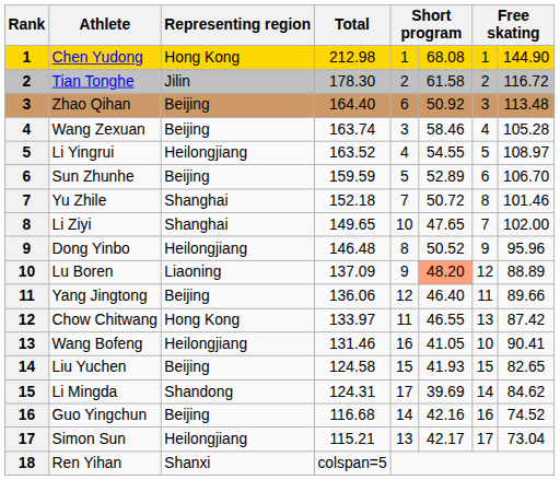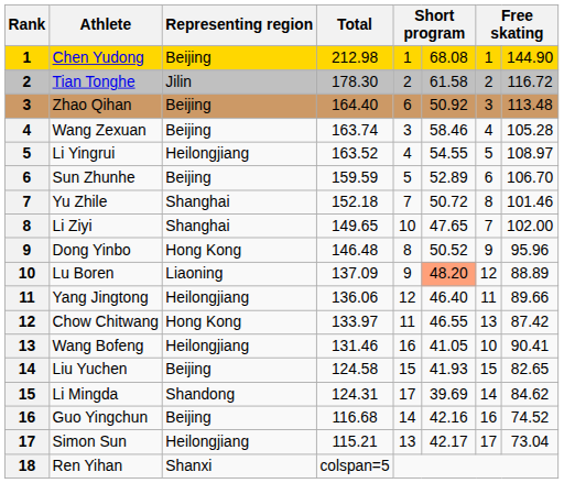 <table class="wikitable sortable">
 <tr>
 <th>Rank</th>
 <th>Athlete</th>
 <th>Representing region</th>
 <th>Total</th>
 <th colspan="2" width="80px">Short program</th>
 <th colspan="2" width="80px">Free skating</th>
 </tr>
 <tr bgcolor="gold">
 <td align="center"><strong>1</strong></td>
 <td><a href='#'>Chen Yudong</a></td>
-<td>Hong Kong</td>
+<td>Beijing</td>
 <td align="center">212.98</td>
 <td align="center">1</td>
 <td align="center">68.08</td>
 <td align="center">1</td>
 <td align="center">144.90</td>
 </tr>
 <tr bgcolor="silver">
 <td align="center"><strong>2</strong></td>
 <td><a href='#'>Tian Tonghe</a></td>
 <td>Jilin</td>
 <td align="center">178.30</td>
 <td align="center">2</td>
 <td align="center">61.58</td>
 <td align="center">2</td>
 <td align="center">116.72</td>
 </tr>
 <tr bgcolor="cc9966">
 <td align="center"><strong>3</strong></td>
 <td>Zhao Qihan</td>
 <td>Beijing</td>
 <td align="center">164.40</td>
 <td align="center">6</td>
 <td align="center">50.92</td>
 <td align="center">3</td>
 <td align="center">113.48</td>
 </tr>
 <tr>
 <th>4</th>
 <td>Wang Zexuan</td>
 <td>Beijing</td>
 <td align="center">163.74</td>
 <td align="center">3</td>
 <td align="center">58.46</td>
 <td align="center">4</td>
 <td align="center">105.28</td>
 </tr>
 <tr>
 <th>5</th>
 <td>Li Yingrui</td>
 <td>Heilongjiang</td>
 <td align="center">163.52</td>
 <td align="center">4</td>
 <td align="center">54.55</td>
 <td align="center">5</td>
 <td align="center">108.97</td>
 </tr>
 <tr>
 <th>6</th>
 <td>Sun Zhunhe</td>
 <td>Beijing</td>
 <td align="center">159.59</td>
 <td align="center">5</td>
 <td align="center">52.89</td>
 <td align="center">6</td>
 <td align="center">106.70</td>
 </tr>
 <tr>
 <th>7</th>
 <td>Yu Zhile</td>
 <td>Shanghai</td>
 <td align="center">152.18</td>
 <td align="center">7</td>
 <td align="center">50.72</td>
 <td align="center">8</td>
 <td align="center">101.46</td>
 </tr>
 <tr>
 <th>8</th>
 <td>Li Ziyi</td>
 <td>Shanghai</td>
 <td align="center">149.65</td>
 <td align="center">10</td>
 <td align="center">47.65</td>
 <td align="center">7</td>
 <td align="center">102.00</td>
 </tr>
 <tr>
 <th>9</th>
 <td>Dong Yinbo</td>
-<td>Heilongjiang</td>
+<td>Hong Kong</td>
 <td align="center">146.48</td>
 <td align="center">8</td>
 <td align="center">50.52</td>
 <td align="center">9</td>
 <td align="center">95.96</td>
 </tr>
 <tr>
 <th>10</th>
 <td>Lu Boren</td>
 <td>Liaoning</td>
 <td align="center">137.09</td>
 <td align="center">9</td>
 <td align="center" style="background: lightsalmon;">48.20</td>
 <td align="center">12</td>
 <td align="center">88.89</td>
 </tr>
 <tr>
 <th>11</th>
 <td>Yang Jingtong</td>
-<td>Beijing</td>
+<td>Heilongjiang</td>
 <td align="center">136.06</td>
 <td align="center">12</td>
 <td align="center">46.40</td>
 <td align="center">11</td>
 <td align="center">89.66</td>
 </tr>
 <tr>
 <th>12</th>
 <td>Chow Chitwang</td>
 <td>Hong Kong</td>
 <td align="center">133.97</td>
 <td align="center">11</td>
 <td align="center">46.55</td>
 <td align="center">13</td>
 <td align="center">87.42</td>
 </tr>
 <tr>
 <th>13</th>
 <td>Wang Bofeng</td>
 <td>Heilongjiang</td>
 <td align="center">131.46</td>
 <td align="center">16</td>
 <td align="center">41.05</td>
 <td align="center">10</td>
 <td align="center">90.41</td>
 </tr>
 <tr>
 <th>14</th>
 <td>Liu Yuchen</td>
 <td>Beijing</td>
 <td align="center">124.58</td>
 <td align="center">15</td>
 <td align="center">41.93</td>
 <td align="center">15</td>
 <td align="center">82.65</td>
 </tr>
 <tr>
 <th>15</th>
 <td>Li Mingda</td>
 <td>Shandong</td>
 <td align="center">124.31</td>
 <td align="center">17</td>
 <td align="center">39.69</td>
 <td align="center">14</td>
 <td align="center">84.62</td>
 </tr>
 <tr>
 <th>16</th>
 <td>Guo Yingchun</td>
 <td>Beijing</td>
 <td align="center">116.68</td>
 <td align="center">14</td>
 <td align="center">42.16</td>
 <td align="center">16</td>
 <td align="center">74.52</td>
 </tr>
 <tr>
 <th>17</th>
 <td>Simon Sun</td>
 <td>Heilongjiang</td>
 <td align="center">115.21</td>
 <td align="center">13</td>
 <td align="center">42.17</td>
 <td align="center">17</td>
 <td align="center">73.04</td>
 </tr>
 <tr>
 <th>18</th>
 <td>Ren Yihan</td>
 <td>Shanxi</td>
 <td>colspan=5 </td>
 </tr>
 </table>
